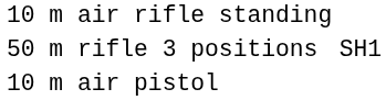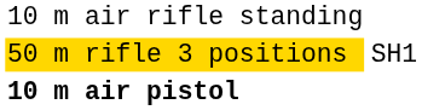 <table>
 <tr>
 <td nowrap>10 m air rifle standing<br></td>
 <td rowspan=3>SH1</td>
 <td></td>
 <td></td>
 <td></td>
 </tr>
 <tr>
-<td>50 m rifle 3 positions<br></td>
+<td style="background: gold;">50 m rifle 3 positions<br></td>
 <td></td>
 <td></td>
 <td></td>
 </tr>
 <tr>
-<td>10 m air pistol<br></td>
+<td><strong>10 m air pistol<br></strong></td>
 <td></td>
 <td></td>
 <td></td>
 </tr>
 </table>
